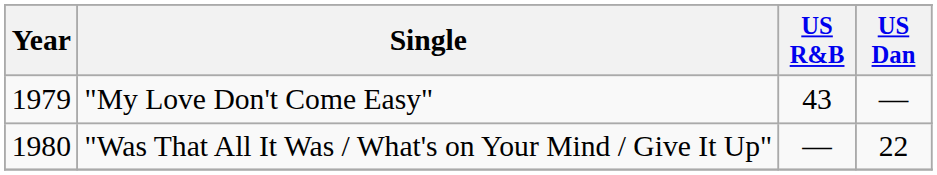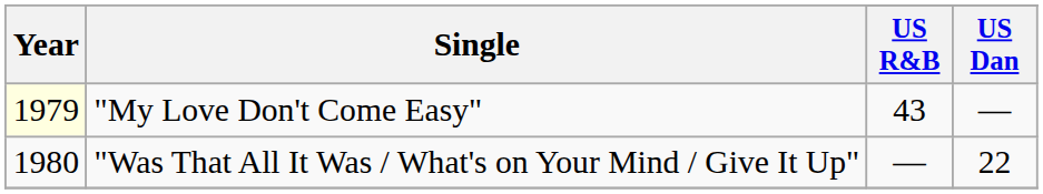 <table class="wikitable" style="text-align:center;">
 <tr>
 <th rowspan="2">Year</th>
 <th rowspan="2">Single</th>
 </tr>
 <tr style="font-size:smaller;">
 <th width="35"><a href='#'>US<br>R&B</a><br></th>
 <th width="35"><a href='#'>US<br>Dan</a><br></th>
 </tr>
 <tr>
-<td>1979</td>
+<td style="background: lightyellow;">1979</td>
 <td align="left">"My Love Don't Come Easy"</td>
 <td>43</td>
 <td>—</td>
 </tr>
 <tr>
 <td>1980</td>
 <td align="left">"Was That All It Was / What's on Your Mind / Give It Up"</td>
 <td>—</td>
 <td>22</td>
 </tr>
 <tr>
 </tr>
 </table>
